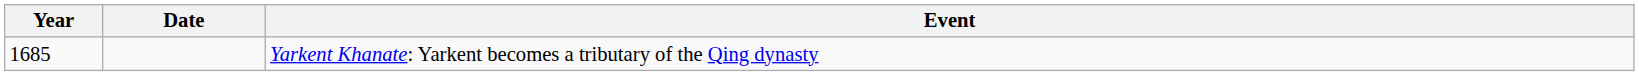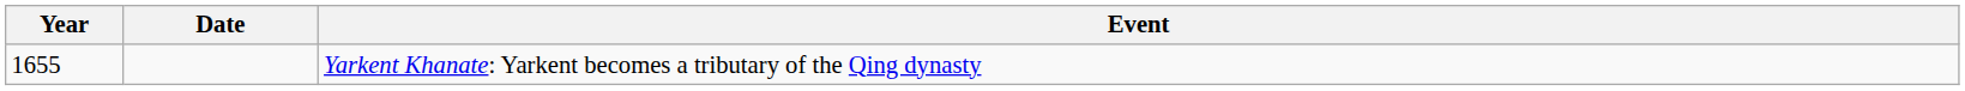 <table class="wikitable" width="100%">
 <tr>
 <th style="width:6%">Year</th>
 <th style="width:10%">Date</th>
 <th>Event</th>
 </tr>
 <tr>
-<td>1685</td>
+<td>1655</td>
 <td></td>
 <td><em><a href='#'>Yarkent Khanate</a></em>: Yarkent becomes a tributary of the <a href='#'>Qing dynasty</a></td>
 </tr>
 </table>
